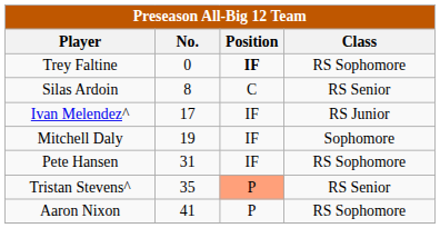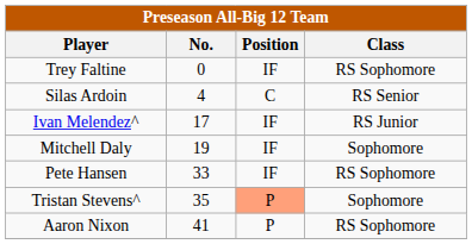 <table class="wikitable" style="text-align:center">
 <tr>
 <td colspan="5" style= "background: #BF5700; color:white"><strong>Preseason All-Big 12 Team</strong></td>
 </tr>
 <tr>
 <th style="width:150px; ">Player</th>
 <th style="width:60px; ">No.</th>
 <th style="width:60px; ">Position</th>
 <th style="width:150px; ">Class</th>
 </tr>
 <tr>
 <td>Trey Faltine</td>
 <td>0</td>
-<td><strong>IF</strong></td>
+<td>IF</td>
 <td>RS Sophomore</td>
 </tr>
 <tr>
 <td>Silas Ardoin</td>
-<td>8</td>
+<td>4</td>
 <td>C</td>
 <td>RS Senior</td>
 </tr>
 <tr>
 <td><a href='#'>Ivan Melendez</a>^</td>
 <td>17</td>
 <td>IF</td>
 <td>RS Junior</td>
 </tr>
 <tr>
 <td>Mitchell Daly</td>
 <td>19</td>
 <td>IF</td>
 <td>Sophomore</td>
 </tr>
 <tr>
 <td>Pete Hansen</td>
-<td>31</td>
+<td>33</td>
 <td>IF</td>
 <td>RS Sophomore</td>
 </tr>
 <tr>
 <td>Tristan Stevens^</td>
 <td>35</td>
 <td style="background: lightsalmon;">P</td>
-<td>RS Senior</td>
+<td>Sophomore</td>
 </tr>
 <tr>
 <td>Aaron Nixon</td>
 <td>41</td>
 <td>P</td>
 <td>RS Sophomore</td>
 </tr>
 <tr>
 </tr>
 </table>
